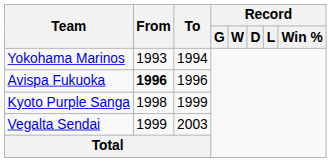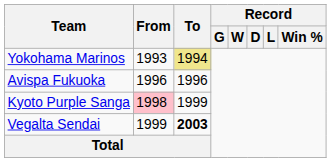 <table class="wikitable" style="text-align: center">
 <tr>
 <th rowspan="2">Team</th>
 <th rowspan="2">From</th>
 <th rowspan="2">To</th>
 <th colspan="5">Record</th>
 </tr>
 <tr>
 <th>G</th>
 <th>W</th>
 <th>D</th>
 <th>L</th>
 <th>Win %</th>
 </tr>
 <tr>
 <td align="left"><a href='#'>Yokohama Marinos</a></td>
 <td align="left">1993</td>
-<td align="left">1994<br></td>
+<td align="left" style="background: khaki;">1994<br></td>
 </tr>
 <tr>
 <td align="left"><a href='#'>Avispa Fukuoka</a></td>
-<td align="left"><strong>1996</strong></td>
+<td align="left">1996</td>
 <td align="left">1996<br></td>
 </tr>
 <tr>
 <td align="left"><a href='#'>Kyoto Purple Sanga</a></td>
-<td align="left">1998</td>
+<td align="left" style="background: pink;">1998</td>
 <td align="left">1999<br></td>
 </tr>
 <tr>
 <td align="left"><a href='#'>Vegalta Sendai</a></td>
 <td align="left">1999</td>
-<td align="left">2003<br></td>
+<td align="left"><strong>2003<br></strong></td>
 </tr>
 <tr>
 <th colspan="3">Total<br></th>
 </tr>
 </table>
